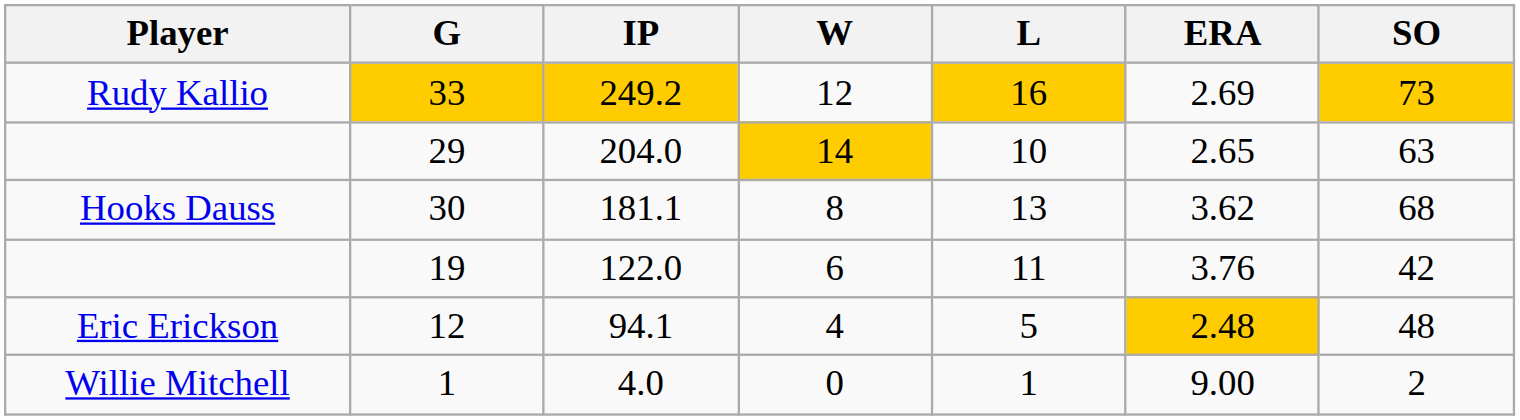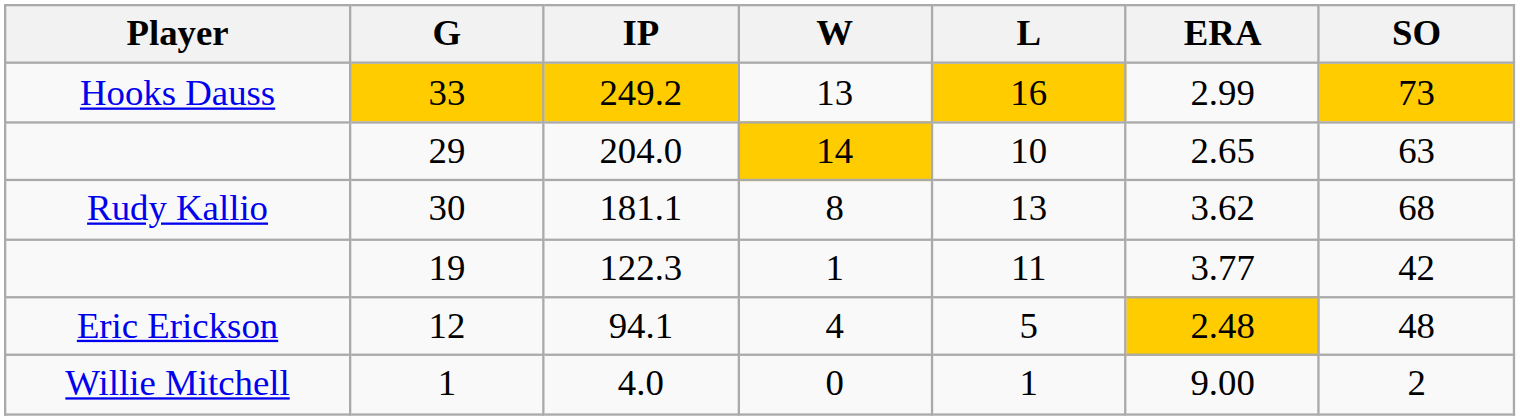 <table class="wikitable sortable">
 <tr>
 <th bgcolor="#DDDDFF" width="16%">Player</th>
 <th bgcolor="#DDDDFF" width="9%">G</th>
 <th bgcolor="#DDDDFF" width="9%">IP</th>
 <th bgcolor="#DDDDFF" width="9%">W</th>
 <th bgcolor="#DDDDFF" width="9%">L</th>
 <th bgcolor="#DDDDFF" width="9%">ERA</th>
 <th bgcolor="#DDDDFF" width="9%">SO</th>
 </tr>
 <tr align="center">
-<td><a href='#'>Rudy Kallio</a></td>
+<td><a href='#'>Hooks Dauss</a></td>
 <td style="background:#fc0;">33</td>
 <td style="background:#fc0;">249.2</td>
-<td>12</td>
+<td>13</td>
 <td style="background:#fc0;">16</td>
-<td>2.69</td>
+<td>2.99</td>
 <td style="background:#fc0;">73</td>
 </tr>
 <tr align=center>
 <td></td>
 <td>29</td>
 <td>204.0</td>
 <td style="background:#fc0;">14</td>
 <td>10</td>
 <td>2.65</td>
 <td>63</td>
 </tr>
 <tr align="center">
-<td><a href='#'>Hooks Dauss</a></td>
+<td><a href='#'>Rudy Kallio</a></td>
 <td>30</td>
 <td>181.1</td>
 <td>8</td>
 <td>13</td>
 <td>3.62</td>
 <td>68</td>
 </tr>
 <tr align=center>
 <td></td>
 <td>19</td>
-<td>122.0</td>
-<td>6</td>
+<td>122.3</td>
+<td>1</td>
 <td>11</td>
-<td>3.76</td>
+<td>3.77</td>
 <td>42</td>
 </tr>
 <tr align="center">
 <td><a href='#'>Eric Erickson</a></td>
 <td>12</td>
 <td>94.1</td>
 <td>4</td>
 <td>5</td>
 <td style="background:#fc0;">2.48</td>
 <td>48</td>
 </tr>
 <tr align=center>
 <td><a href='#'>Willie Mitchell</a></td>
 <td>1</td>
 <td>4.0</td>
 <td>0</td>
 <td>1</td>
 <td>9.00</td>
 <td>2</td>
 </tr>
 </table>
